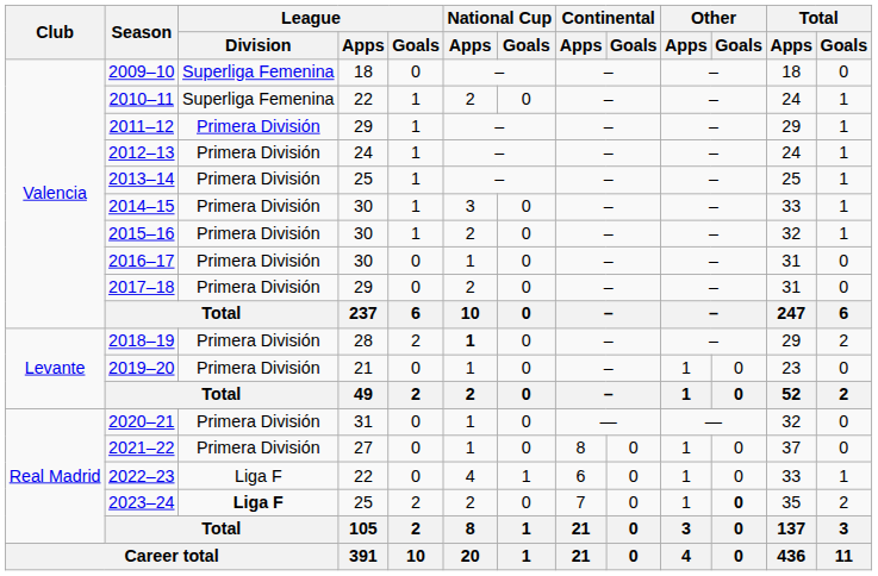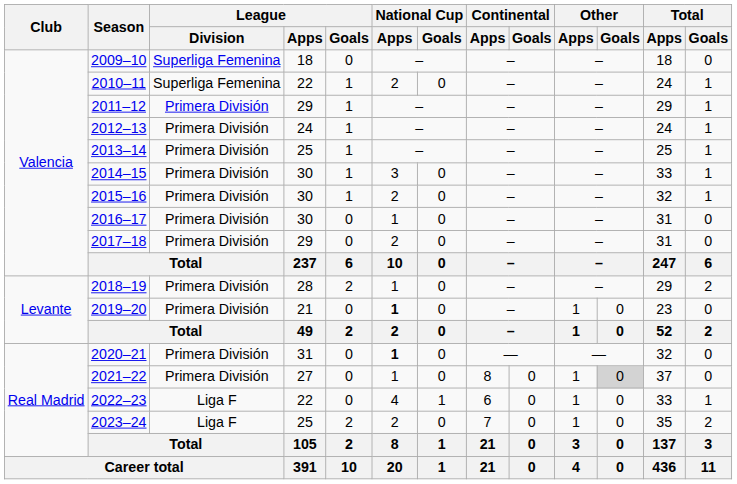 <table class="wikitable" style="text-align:center">
 <tr>
 <th rowspan="2">Club</th>
 <th rowspan="2">Season</th>
 <th colspan="3">League</th>
 <th colspan="2">National Cup</th>
 <th colspan="2">Continental</th>
 <th colspan="2">Other</th>
 <th colspan="2">Total</th>
 </tr>
 <tr>
 <th>Division</th>
 <th>Apps</th>
 <th>Goals</th>
 <th>Apps</th>
 <th>Goals</th>
 <th>Apps</th>
 <th>Goals</th>
 <th>Apps</th>
 <th>Goals</th>
 <th>Apps</th>
 <th>Goals</th>
 </tr>
 <tr>
 <td rowspan="10"><a href='#'>Valencia</a></td>
 <td><a href='#'>2009–10</a></td>
 <td><a href='#'>Superliga Femenina</a></td>
 <td>18</td>
 <td>0</td>
 <td colspan="2">–</td>
 <td colspan="2">–</td>
 <td colspan="2">–</td>
 <td>18</td>
 <td>0</td>
 </tr>
 <tr>
 <td><a href='#'>2010–11</a></td>
 <td>Superliga Femenina</td>
 <td>22</td>
 <td>1</td>
 <td>2</td>
 <td>0</td>
 <td colspan="2">–</td>
 <td colspan="2">–</td>
 <td>24</td>
 <td>1</td>
 </tr>
 <tr>
 <td><a href='#'>2011–12</a></td>
 <td><a href='#'>Primera División</a></td>
 <td>29</td>
 <td>1</td>
 <td colspan="2">–</td>
 <td colspan="2">–</td>
 <td colspan="2">–</td>
 <td>29</td>
 <td>1</td>
 </tr>
 <tr>
 <td><a href='#'>2012–13</a></td>
 <td>Primera División</td>
 <td>24</td>
 <td>1</td>
 <td colspan="2">–</td>
 <td colspan="2">–</td>
 <td colspan="2">–</td>
 <td>24</td>
 <td>1</td>
 </tr>
 <tr>
 <td><a href='#'>2013–14</a></td>
 <td>Primera División</td>
 <td>25</td>
 <td>1</td>
 <td colspan="2">–</td>
 <td colspan="2">–</td>
 <td colspan="2">–</td>
 <td>25</td>
 <td>1</td>
 </tr>
 <tr>
 <td><a href='#'>2014–15</a></td>
 <td>Primera División</td>
 <td>30</td>
 <td>1</td>
 <td>3</td>
 <td>0</td>
 <td colspan="2">–</td>
 <td colspan="2">–</td>
 <td>33</td>
 <td>1</td>
 </tr>
 <tr>
 <td><a href='#'>2015–16</a></td>
 <td>Primera División</td>
 <td>30</td>
 <td>1</td>
 <td>2</td>
 <td>0</td>
 <td colspan="2">–</td>
 <td colspan="2">–</td>
 <td>32</td>
 <td>1</td>
 </tr>
 <tr>
 <td><a href='#'>2016–17</a></td>
 <td>Primera División</td>
 <td>30</td>
 <td>0</td>
 <td>1</td>
 <td>0</td>
 <td colspan="2">–</td>
 <td colspan="2">–</td>
 <td>31</td>
 <td>0</td>
 </tr>
 <tr>
 <td><a href='#'>2017–18</a></td>
 <td>Primera División</td>
 <td>29</td>
 <td>0</td>
 <td>2</td>
 <td>0</td>
 <td colspan="2">–</td>
 <td colspan="2">–</td>
 <td>31</td>
 <td>0</td>
 </tr>
 <tr>
 <th colspan="2">Total</th>
 <th>237</th>
 <th>6</th>
 <th>10</th>
 <th>0</th>
 <th colspan="2">–</th>
 <th colspan="2">–</th>
 <th>247</th>
 <th>6</th>
 </tr>
 <tr>
 <td rowspan="3"><a href='#'>Levante</a></td>
 <td><a href='#'>2018–19</a></td>
 <td>Primera División</td>
 <td>28</td>
 <td>2</td>
-<td><strong>1</strong></td>
+<td>1</td>
 <td>0</td>
 <td colspan="2">–</td>
 <td colspan="2">–</td>
 <td>29</td>
 <td>2</td>
 </tr>
 <tr>
 <td><a href='#'>2019–20</a></td>
 <td>Primera División</td>
 <td>21</td>
 <td>0</td>
-<td>1</td>
+<td><strong>1</strong></td>
 <td>0</td>
 <td colspan="2">–</td>
 <td>1</td>
 <td>0</td>
 <td>23</td>
 <td>0</td>
 </tr>
 <tr>
 <th colspan="2">Total</th>
 <th>49</th>
 <th>2</th>
 <th>2</th>
 <th>0</th>
 <th colspan="2">–</th>
 <th>1</th>
 <th>0</th>
 <th>52</th>
 <th>2</th>
 </tr>
 <tr>
 <td rowspan="5"><a href='#'>Real Madrid</a></td>
 <td><a href='#'>2020–21</a></td>
 <td>Primera División</td>
 <td>31</td>
 <td>0</td>
-<td>1</td>
+<td><strong>1</strong></td>
 <td>0</td>
 <td colspan="2">—</td>
 <td colspan="2">—</td>
 <td>32</td>
 <td>0</td>
 </tr>
 <tr>
 <td><a href='#'>2021–22</a></td>
 <td>Primera División</td>
 <td>27</td>
 <td>0</td>
 <td>1</td>
 <td>0</td>
 <td>8</td>
 <td>0</td>
 <td>1</td>
-<td>0</td>
+<td style="background: lightgrey;">0</td>
 <td>37</td>
 <td>0</td>
 </tr>
 <tr>
 <td><a href='#'>2022–23</a></td>
 <td>Liga F</td>
 <td>22</td>
 <td>0</td>
 <td>4</td>
 <td>1</td>
 <td>6</td>
 <td>0</td>
 <td>1</td>
 <td>0</td>
 <td>33</td>
 <td>1</td>
 </tr>
 <tr>
 <td><a href='#'>2023–24</a></td>
-<td><strong>Liga F</strong></td>
+<td>Liga F</td>
 <td>25</td>
 <td>2</td>
 <td>2</td>
 <td>0</td>
 <td>7</td>
 <td>0</td>
 <td>1</td>
-<td><strong>0</strong></td>
+<td>0</td>
 <td>35</td>
 <td>2</td>
 </tr>
 <tr>
 <th colspan="2">Total</th>
 <th>105</th>
 <th>2</th>
 <th>8</th>
 <th>1</th>
 <th>21</th>
 <th>0</th>
 <th>3</th>
 <th>0</th>
 <th>137</th>
 <th>3</th>
 </tr>
 <tr>
 <th colspan="3">Career total</th>
 <th>391</th>
 <th>10</th>
 <th>20</th>
 <th>1</th>
 <th>21</th>
 <th>0</th>
 <th>4</th>
 <th>0</th>
 <th>436</th>
 <th>11</th>
 </tr>
 </table>
